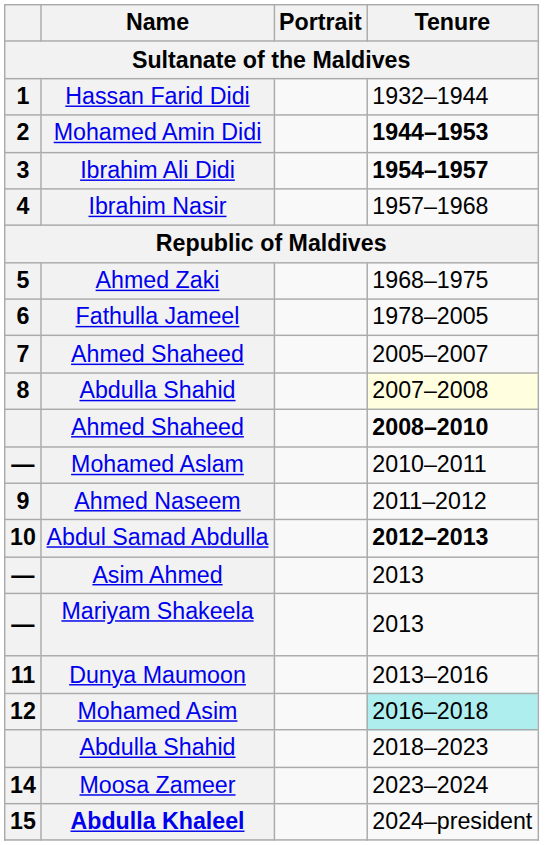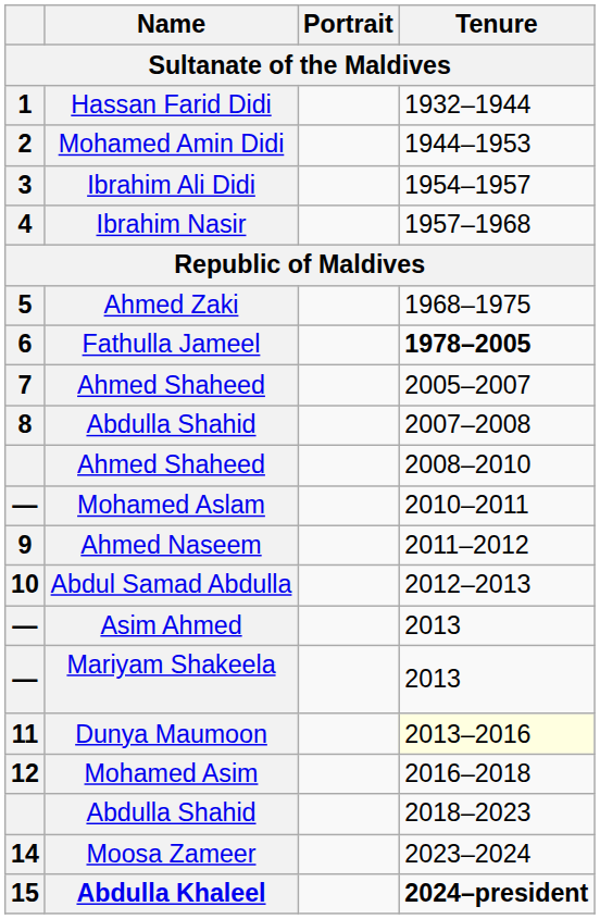 <table class="wikitable">
 <tr>
 <th></th>
 <th>Name<br></th>
 <th>Portrait</th>
 <th>Tenure</th>
 </tr>
 <tr>
 <th colspan="4" align="center">Sultanate of the Maldives</th>
 </tr>
 <tr>
 <th>1</th>
 <th align="center" scope="row" style="font-weight:normal;"><a href='#'>Hassan Farid Didi</a><br></th>
 <td></td>
 <td>1932–1944</td>
 </tr>
 <tr>
 <th>2</th>
 <th align="center" scope="row" style="font-weight:normal;"><a href='#'>Mohamed Amin Didi</a><br></th>
 <td></td>
-<td><strong>1944–1953</strong></td>
+<td>1944–1953</td>
 </tr>
 <tr>
 <th>3</th>
 <th align="center" scope="row" style="font-weight:normal;"><a href='#'>Ibrahim Ali Didi</a><br></th>
 <td></td>
-<td><strong>1954–1957</strong></td>
+<td>1954–1957</td>
 </tr>
 <tr>
 <th>4</th>
 <th align="center" scope="row" style="font-weight:normal;"><a href='#'>Ibrahim Nasir</a><br></th>
 <td></td>
 <td>1957–1968</td>
 </tr>
 <tr>
 <th colspan="4" align="center">Republic of Maldives</th>
 </tr>
 <tr>
 <th>5</th>
 <th align="center" scope="row" style="font-weight:normal;"><a href='#'>Ahmed Zaki</a><br></th>
 <td></td>
 <td>1968–1975</td>
 </tr>
 <tr>
 <th>6</th>
 <th align="center" scope="row" style="font-weight:normal;"><a href='#'>Fathulla Jameel</a><br></th>
 <td></td>
-<td>1978–2005</td>
+<td><strong>1978–2005</strong></td>
 </tr>
 <tr>
 <th>7</th>
 <th align="center" scope="row" style="font-weight:normal;"><a href='#'>Ahmed Shaheed</a><br></th>
 <td></td>
 <td>2005–2007</td>
 </tr>
 <tr>
 <th>8</th>
 <th align="center" scope="row" style="font-weight:normal;"><a href='#'>Abdulla Shahid</a><br></th>
 <td></td>
-<td style="background: lightyellow;">2007–2008</td>
+<td>2007–2008</td>
 </tr>
 <tr>
 <th></th>
 <th align="center" scope="row" style="font-weight:normal;"><a href='#'>Ahmed Shaheed</a><br></th>
 <td></td>
-<td><strong>2008–2010</strong></td>
+<td>2008–2010</td>
 </tr>
 <tr>
 <th>—</th>
 <th align="center" scope="row" style="font-weight:normal;"><a href='#'>Mohamed Aslam</a><br></th>
 <td></td>
 <td>2010–2011</td>
 </tr>
 <tr>
 <th>9</th>
 <th align="center" scope="row" style="font-weight:normal;"><a href='#'>Ahmed Naseem</a><br></th>
 <td></td>
 <td>2011–2012</td>
 </tr>
 <tr>
 <th>10</th>
 <th align="center" scope="row" style="font-weight:normal;"><a href='#'>Abdul Samad Abdulla</a><br></th>
 <td></td>
-<td><strong>2012–2013</strong></td>
+<td>2012–2013</td>
 </tr>
 <tr>
 <th>—</th>
 <th align="center" scope="row" style="font-weight:normal;"><a href='#'>Asim Ahmed</a><br></th>
 <td></td>
 <td>2013</td>
 </tr>
 <tr>
 <th>—</th>
 <th align="center" scope="row" style="font-weight:normal;"><a href='#'>Mariyam Shakeela</a><br><br></th>
 <td></td>
 <td>2013</td>
 </tr>
 <tr>
 <th>11</th>
 <th align="center" scope="row" style="font-weight:normal;"><a href='#'>Dunya Maumoon</a><br></th>
 <td></td>
-<td>2013–2016</td>
+<td style="background: lightyellow;">2013–2016</td>
 </tr>
 <tr>
 <th>12</th>
 <th align="center" scope="row" style="font-weight:normal;"><a href='#'>Mohamed Asim</a><br></th>
 <td></td>
-<td style="background: paleturquoise;">2016–2018</td>
+<td>2016–2018</td>
 </tr>
 <tr>
 <th></th>
 <th align="center" scope="row" style="font-weight:normal;"><a href='#'>Abdulla Shahid</a><br></th>
 <td></td>
 <td>2018–2023</td>
 </tr>
 <tr>
 <th>14</th>
 <th align="center" scope="row" style="font-weight:normal;"><a href='#'>Moosa Zameer</a></th>
 <td></td>
 <td>2023–2024</td>
 </tr>
 <tr>
 <th>15</th>
 <th><a href='#'>Abdulla Khaleel</a><br></th>
 <td></td>
-<td>2024–president</td>
+<td><strong>2024–president</strong></td>
 </tr>
 </table>
